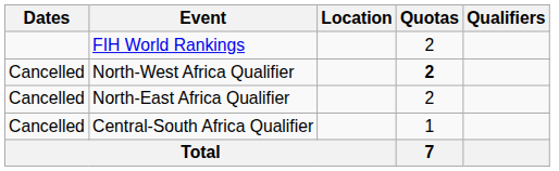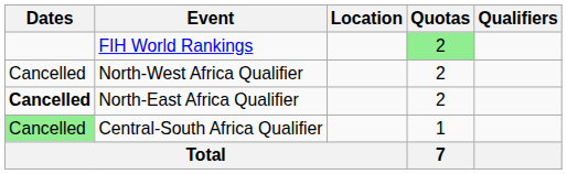 <table class="wikitable">
 <tr>
 <th>Dates</th>
 <th>Event</th>
 <th>Location</th>
 <th>Quotas</th>
 <th>Qualifiers</th>
 </tr>
 <tr>
 <td></td>
 <td><a href='#'>FIH World Rankings</a></td>
 <td></td>
-<td align=center>2</td>
+<td align=center style="background: lightgreen;">2</td>
 <td><br></td>
 </tr>
 <tr>
 <td>Cancelled</td>
 <td>North-West Africa Qualifier</td>
 <td></td>
-<td align=center><strong>2</strong></td>
+<td align=center>2</td>
 <td><br></td>
 </tr>
 <tr>
-<td>Cancelled</td>
+<td><strong>Cancelled</strong></td>
 <td>North-East Africa Qualifier</td>
 <td></td>
 <td align=center>2</td>
 <td><br></td>
 </tr>
 <tr>
-<td>Cancelled</td>
+<td style="background: lightgreen;">Cancelled</td>
 <td>Central-South Africa Qualifier</td>
 <td></td>
 <td align=center>1</td>
 <td><br><s></s></td>
 </tr>
 <tr>
 <th colspan=3>Total</th>
 <th>7</th>
 <th></th>
 </tr>
 </table>
